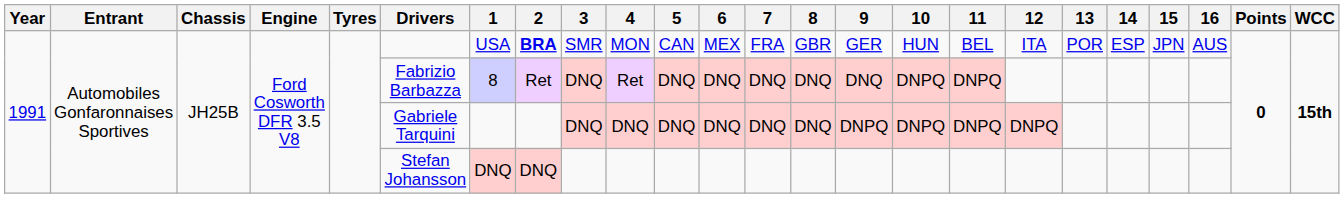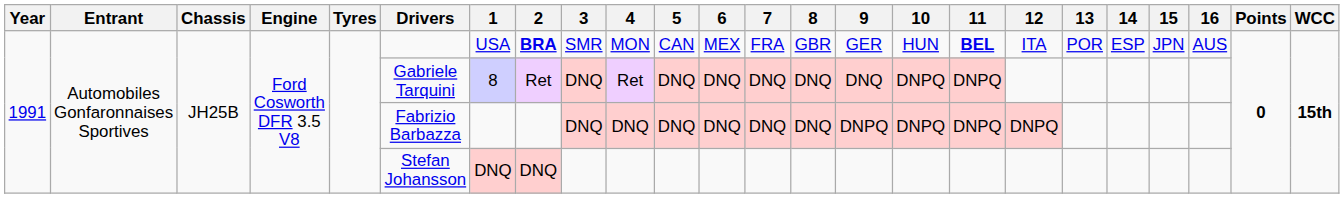 <table class="wikitable" style="font-size:85%; text-align:center">
 <tr>
 <th>Year</th>
 <th>Entrant</th>
 <th>Chassis</th>
 <th>Engine</th>
 <th>Tyres</th>
 <th>Drivers</th>
 <th>1</th>
 <th>2</th>
 <th>3</th>
 <th>4</th>
 <th>5</th>
 <th>6</th>
 <th>7</th>
 <th>8</th>
 <th>9</th>
 <th>10</th>
 <th>11</th>
 <th>12</th>
 <th>13</th>
 <th>14</th>
 <th>15</th>
 <th>16</th>
 <th>Points</th>
 <th>WCC</th>
 </tr>
 <tr>
 <td rowspan="4"><a href='#'>1991</a></td>
 <td rowspan="4"> Automobiles Gonfaronnaises Sportives</td>
 <td rowspan="4">JH25B</td>
 <td rowspan="4"><a href='#'>Ford Cosworth DFR</a> 3.5 <a href='#'>V8</a></td>
 <td rowspan="4"></td>
 <td></td>
 <td><a href='#'>USA</a></td>
 <td><strong><a href='#'>BRA</a></strong></td>
 <td><a href='#'>SMR</a></td>
 <td><a href='#'>MON</a></td>
 <td><a href='#'>CAN</a></td>
 <td><a href='#'>MEX</a></td>
 <td><a href='#'>FRA</a></td>
 <td><a href='#'>GBR</a></td>
 <td><a href='#'>GER</a></td>
 <td><a href='#'>HUN</a></td>
-<td><a href='#'>BEL</a></td>
+<td><strong><a href='#'>BEL</a></strong></td>
 <td><a href='#'>ITA</a></td>
 <td><a href='#'>POR</a></td>
 <td><a href='#'>ESP</a></td>
 <td><a href='#'>JPN</a></td>
 <td><a href='#'>AUS</a></td>
 <td rowspan="4"><strong>0</strong></td>
 <td rowspan="4"><strong>15th</strong></td>
 </tr>
 <tr>
-<td> <a href='#'>Fabrizio Barbazza</a></td>
+<td> <a href='#'>Gabriele Tarquini</a></td>
 <td style="background:#CFCFFF;">8</td>
 <td style="background:#EFCFFF;">Ret</td>
 <td style="background:#FFCFCF;">DNQ</td>
 <td style="background:#EFCFFF;">Ret</td>
 <td style="background:#FFCFCF;">DNQ</td>
 <td style="background:#FFCFCF;">DNQ</td>
 <td style="background:#FFCFCF;">DNQ</td>
 <td style="background:#FFCFCF;">DNQ</td>
 <td style="background:#FFCFCF;">DNQ</td>
 <td style="background:#FFCFCF;">DNPQ</td>
 <td style="background:#FFCFCF;">DNPQ</td>
 <td></td>
 <td></td>
 <td></td>
 <td></td>
 <td></td>
 </tr>
 <tr>
-<td> <a href='#'>Gabriele Tarquini</a></td>
+<td> <a href='#'>Fabrizio Barbazza</a></td>
 <td></td>
 <td></td>
 <td style="background:#FFCFCF;">DNQ</td>
 <td style="background:#FFCFCF;">DNQ</td>
 <td style="background:#FFCFCF;">DNQ</td>
 <td style="background:#FFCFCF;">DNQ</td>
 <td style="background:#FFCFCF;">DNQ</td>
 <td style="background:#FFCFCF;">DNQ</td>
 <td style="background:#FFCFCF;">DNPQ</td>
 <td style="background:#FFCFCF;">DNPQ</td>
 <td style="background:#FFCFCF;">DNPQ</td>
 <td style="background:#FFCFCF;">DNPQ</td>
 <td></td>
 <td></td>
 <td></td>
 <td></td>
 </tr>
 <tr>
 <td> <a href='#'>Stefan Johansson</a></td>
 <td style="background:#FFCFCF;">DNQ</td>
 <td style="background:#FFCFCF;">DNQ</td>
 <td></td>
 <td></td>
 <td></td>
 <td></td>
 <td></td>
 <td></td>
 <td></td>
 <td></td>
 <td></td>
 <td></td>
 <td></td>
 <td></td>
 <td></td>
 <td></td>
 </tr>
 </table>
